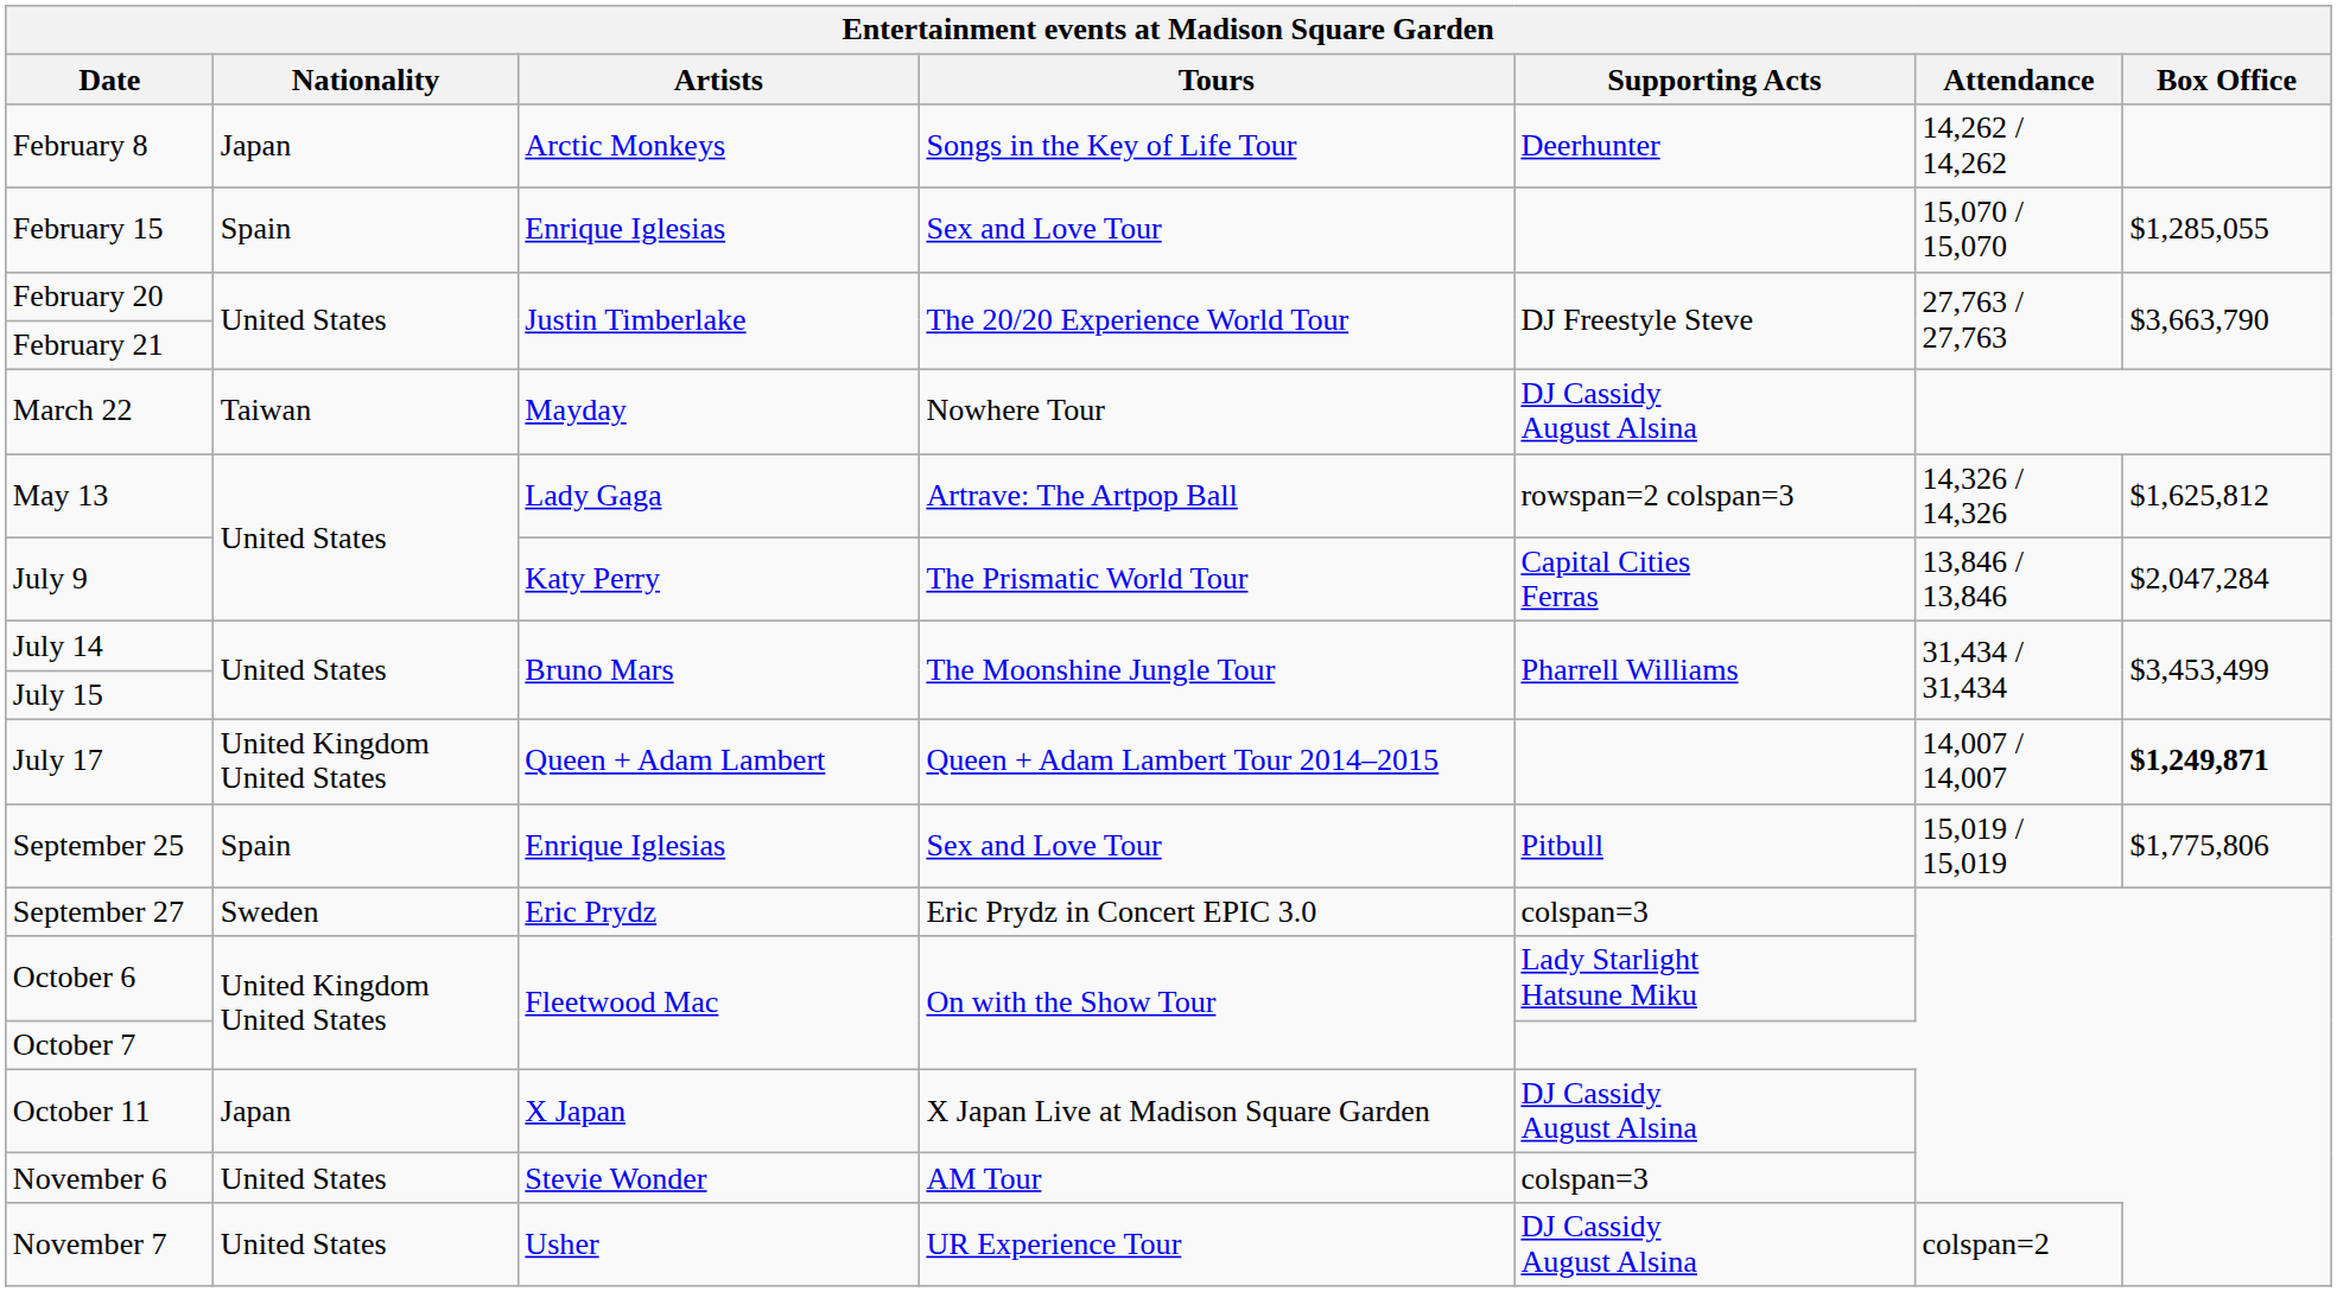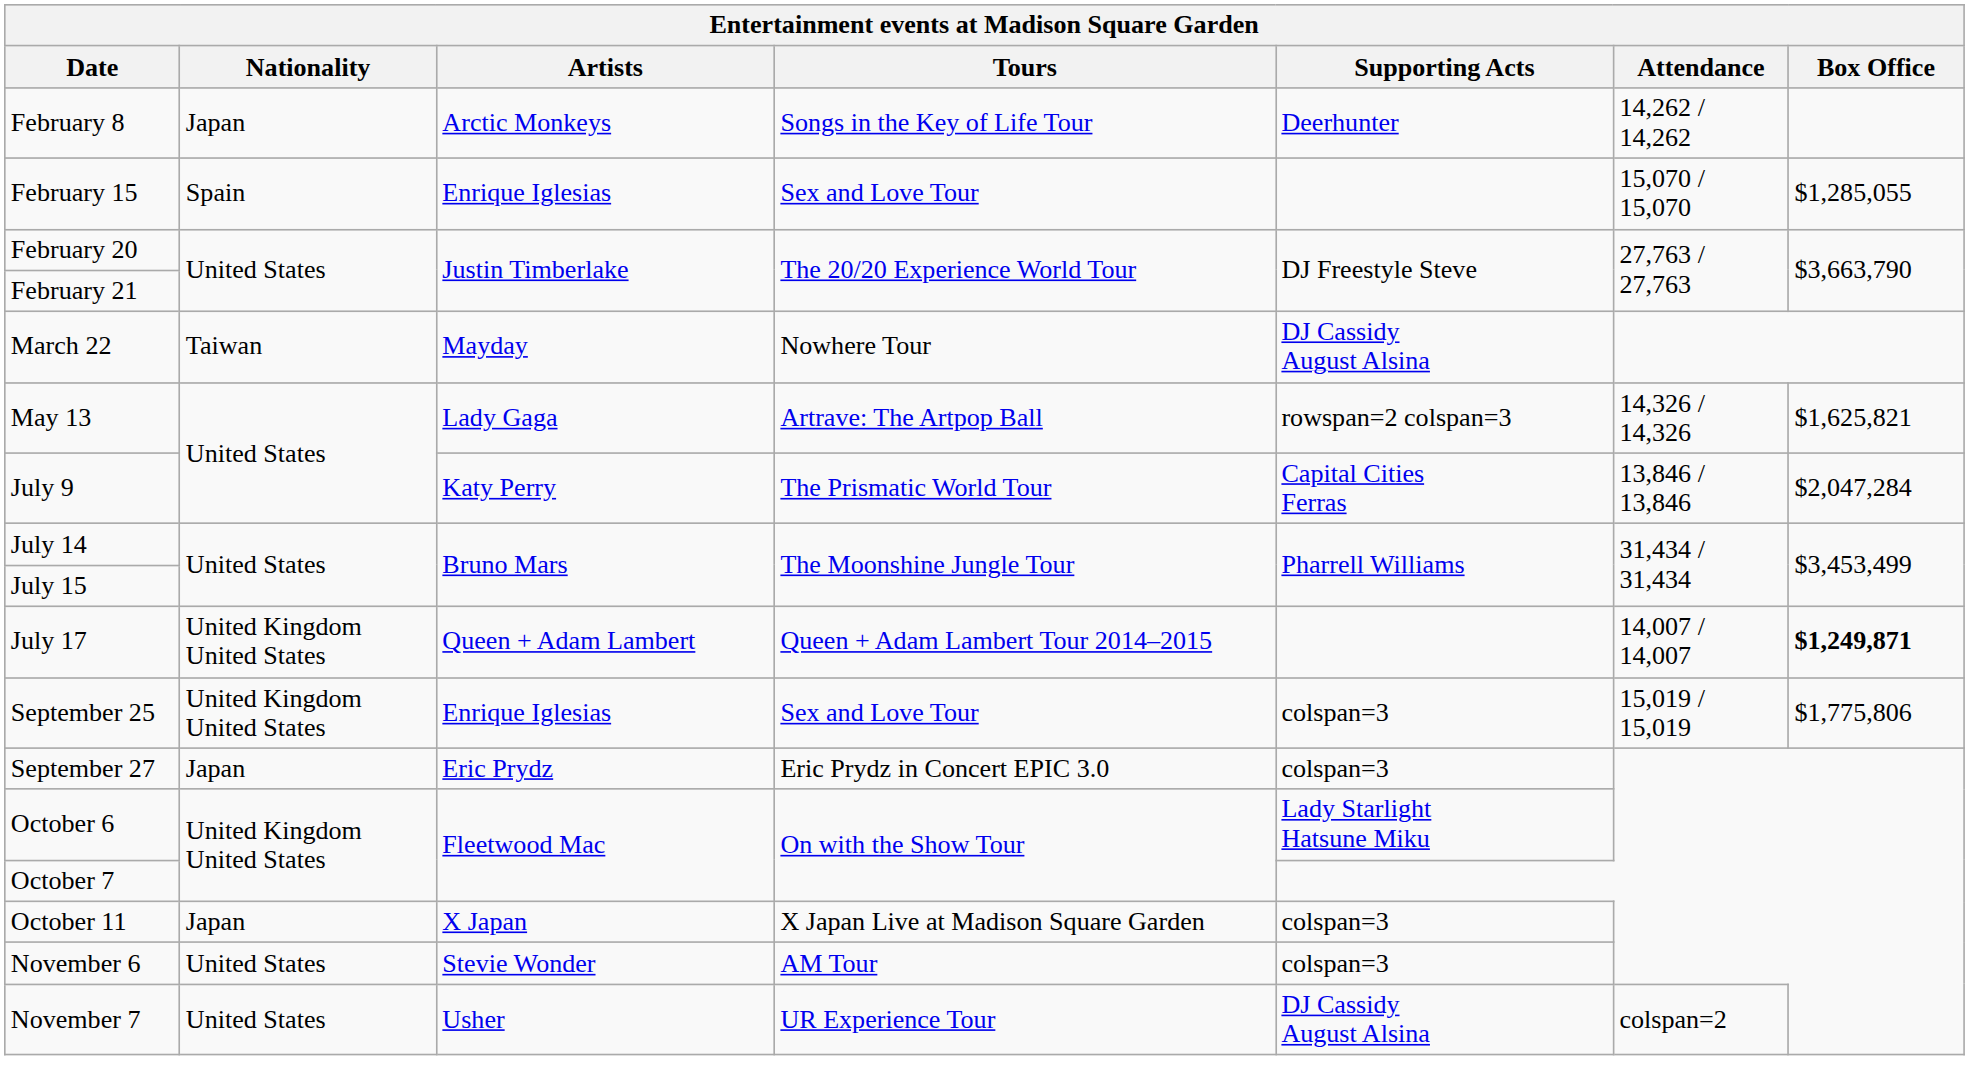 <table class="wikitable">
 <tr>
 <th colspan="7">Entertainment events at Madison Square Garden</th>
 </tr>
 <tr>
 <th width=100>Date</th>
 <th width=150>Nationality</th>
 <th width=200>Artists</th>
 <th width=300>Tours</th>
 <th width=200>Supporting Acts</th>
 <th width=100>Attendance</th>
 <th width=100>Box Office</th>
 </tr>
 <tr>
 <td>February 8</td>
 <td>Japan</td>
 <td><a href='#'>Arctic Monkeys</a></td>
 <td><a href='#'>Songs in the Key of Life Tour</a></td>
 <td><a href='#'>Deerhunter</a></td>
 <td>14,262 / 14,262</td>
 <td></td>
 </tr>
 <tr>
 <td>February 15</td>
 <td>Spain</td>
 <td><a href='#'>Enrique Iglesias</a></td>
 <td><a href='#'>Sex and Love Tour</a></td>
 <td></td>
 <td>15,070 / 15,070</td>
 <td>$1,285,055</td>
 </tr>
 <tr>
 <td>February 20</td>
 <td rowspan="2">United States</td>
 <td rowspan="2"><a href='#'>Justin Timberlake</a></td>
 <td rowspan="2"><a href='#'>The 20/20 Experience World Tour</a></td>
 <td rowspan="2">DJ Freestyle Steve</td>
 <td rowspan="2">27,763 / 27,763</td>
 <td rowspan="2">$3,663,790</td>
 </tr>
 <tr>
 <td>February 21</td>
 </tr>
 <tr>
 <td>March 22</td>
 <td>Taiwan</td>
 <td><a href='#'>Mayday</a></td>
 <td>Nowhere Tour</td>
 <td><a href='#'>DJ Cassidy</a><br><a href='#'>August Alsina</a></td>
 </tr>
 <tr>
 <td>May 13</td>
 <td rowspan="2">United States</td>
 <td><a href='#'>Lady Gaga</a></td>
 <td><a href='#'>Artrave: The Artpop Ball</a></td>
 <td>rowspan=2 colspan=3 </td>
 <td>14,326 / 14,326</td>
-<td>$1,625,812</td>
+<td>$1,625,821</td>
 </tr>
 <tr>
 <td>July 9</td>
 <td><a href='#'>Katy Perry</a></td>
 <td><a href='#'>The Prismatic World Tour</a></td>
 <td><a href='#'>Capital Cities</a><br><a href='#'>Ferras</a></td>
 <td>13,846 / 13,846</td>
 <td>$2,047,284</td>
 </tr>
 <tr>
 <td>July 14</td>
 <td rowspan="2">United States</td>
 <td rowspan="2"><a href='#'>Bruno Mars</a></td>
 <td rowspan="2"><a href='#'>The Moonshine Jungle Tour</a></td>
 <td rowspan="2"><a href='#'>Pharrell Williams</a></td>
 <td rowspan="2">31,434 / 31,434</td>
 <td rowspan="2">$3,453,499</td>
 </tr>
 <tr>
 <td>July 15</td>
 </tr>
 <tr>
 <td>July 17</td>
 <td>United Kingdom<br>United States</td>
 <td><a href='#'>Queen + Adam Lambert</a></td>
 <td><a href='#'>Queen + Adam Lambert Tour 2014–2015</a></td>
 <td></td>
 <td>14,007 / 14,007</td>
 <td><strong>$1,249,871</strong></td>
 </tr>
 <tr>
 <td>September 25</td>
-<td>Spain</td>
+<td>United Kingdom<br>United States</td>
 <td><a href='#'>Enrique Iglesias</a></td>
 <td><a href='#'>Sex and Love Tour</a></td>
-<td><a href='#'>Pitbull</a></td>
+<td>colspan=3 </td>
 <td>15,019 / 15,019</td>
 <td>$1,775,806</td>
 </tr>
 <tr>
 <td>September 27</td>
-<td>Sweden</td>
+<td>Japan</td>
 <td><a href='#'>Eric Prydz</a></td>
 <td>Eric Prydz in Concert EPIC 3.0</td>
 <td>colspan=3 </td>
 </tr>
 <tr>
 <td>October 6</td>
 <td rowspan=2>United Kingdom<br>United States</td>
 <td rowspan=2><a href='#'>Fleetwood Mac</a></td>
 <td rowspan=2><a href='#'>On with the Show Tour</a></td>
 <td><a href='#'>Lady Starlight</a><br><a href='#'>Hatsune Miku</a></td>
 </tr>
 <tr>
 <td>October 7</td>
 </tr>
 <tr>
 <td>October 11</td>
 <td>Japan</td>
 <td><a href='#'>X Japan</a></td>
 <td>X Japan Live at Madison Square Garden</td>
-<td><a href='#'>DJ Cassidy</a><br><a href='#'>August Alsina</a></td>
+<td>colspan=3 </td>
 </tr>
 <tr>
 <td>November 6</td>
 <td>United States</td>
 <td><a href='#'>Stevie Wonder</a></td>
 <td><a href='#'>AM Tour</a></td>
 <td>colspan=3 </td>
 </tr>
 <tr>
 <td>November 7</td>
 <td>United States</td>
 <td><a href='#'>Usher</a></td>
 <td><a href='#'>UR Experience Tour</a></td>
 <td><a href='#'>DJ Cassidy</a><br><a href='#'>August Alsina</a></td>
 <td>colspan=2 </td>
 </tr>
 </table>
